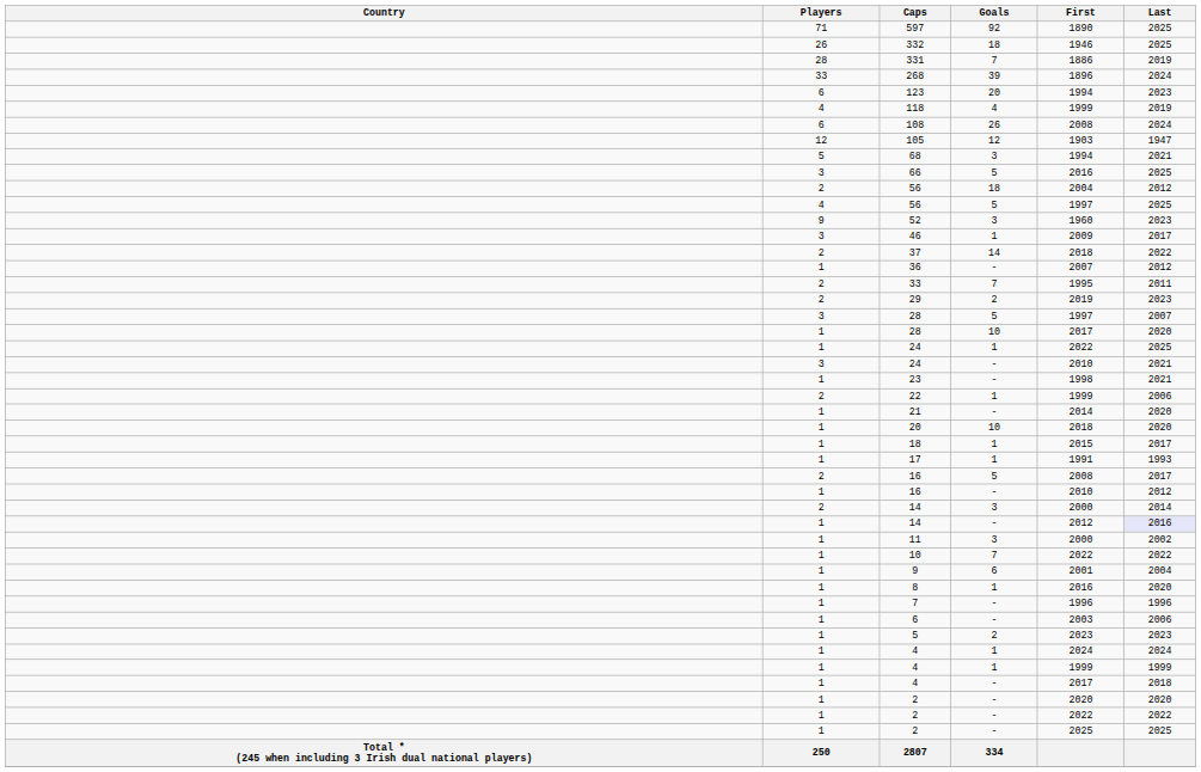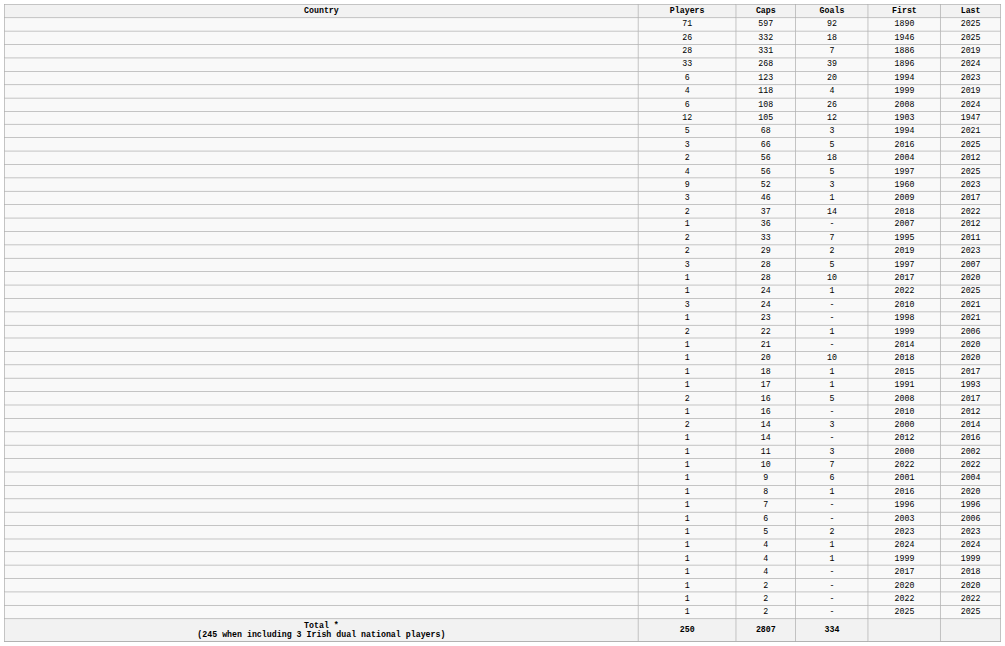 <table class="wikitable sortable" style="width: 75%; center; font-size: 95%;">
 <tr>
 <th>Country</th>
 <th>Players</th>
 <th>Caps</th>
 <th>Goals</th>
 <th>First</th>
 <th>Last</th>
 </tr>
 <tr>
 <td></td>
 <td style="text-align:center;">71</td>
 <td style="text-align:center;">597</td>
 <td style="text-align:center;">92</td>
 <td style="text-align:center;">1890</td>
 <td style="text-align:center;">2025</td>
 </tr>
 <tr>
 <td></td>
 <td style="text-align:center;">26</td>
 <td style="text-align:center;">332</td>
 <td style="text-align:center;">18</td>
 <td style="text-align:center;">1946</td>
 <td style="text-align:center;">2025</td>
 </tr>
 <tr>
 <td></td>
 <td style="text-align:center;">28</td>
 <td style="text-align:center;">331</td>
 <td style="text-align:center;">7</td>
 <td style="text-align:center;">1886</td>
 <td style="text-align:center;">2019</td>
 </tr>
 <tr>
 <td></td>
 <td style="text-align:center;">33</td>
 <td style="text-align:center;">268</td>
 <td style="text-align:center;">39</td>
 <td style="text-align:center;">1896</td>
 <td style="text-align:center;">2024</td>
 </tr>
 <tr>
 <td></td>
 <td style="text-align:center;">6</td>
 <td style="text-align:center;">123</td>
 <td style="text-align:center;">20</td>
 <td style="text-align:center;">1994</td>
 <td style="text-align:center;">2023</td>
 </tr>
 <tr>
 <td></td>
 <td style="text-align:center;">4</td>
 <td style="text-align:center;">118</td>
 <td style="text-align:center;">4</td>
 <td style="text-align:center;">1999</td>
 <td style="text-align:center;">2019</td>
 </tr>
 <tr>
 <td></td>
 <td style="text-align:center;">6</td>
 <td style="text-align:center;">108</td>
 <td style="text-align:center;">26</td>
 <td style="text-align:center;">2008</td>
 <td style="text-align:center;">2024</td>
 </tr>
 <tr>
 <td></td>
 <td style="text-align:center;">12</td>
 <td style="text-align:center;">105</td>
 <td style="text-align:center;">12</td>
 <td style="text-align:center;">1903</td>
 <td style="text-align:center;">1947</td>
 </tr>
 <tr>
 <td></td>
 <td style="text-align:center;">5</td>
 <td style="text-align:center;">68</td>
 <td style="text-align:center;">3</td>
 <td style="text-align:center;">1994</td>
 <td style="text-align:center;">2021</td>
 </tr>
 <tr>
 <td></td>
 <td style="text-align:center;">3</td>
 <td style="text-align:center;">66</td>
 <td style="text-align:center;">5</td>
 <td style="text-align:center;">2016</td>
 <td style="text-align:center;">2025</td>
 </tr>
 <tr>
 <td></td>
 <td style="text-align:center;">2</td>
 <td style="text-align:center;">56</td>
 <td style="text-align:center;">18</td>
 <td style="text-align:center;">2004</td>
 <td style="text-align:center;">2012</td>
 </tr>
 <tr>
 <td></td>
 <td style="text-align:center;">4</td>
 <td style="text-align:center;">56</td>
 <td style="text-align:center;">5</td>
 <td style="text-align:center;">1997</td>
 <td style="text-align:center;">2025</td>
 </tr>
 <tr>
 <td></td>
 <td style="text-align:center;">9</td>
 <td style="text-align:center;">52</td>
 <td style="text-align:center;">3</td>
 <td style="text-align:center;">1960</td>
 <td style="text-align:center;">2023</td>
 </tr>
 <tr>
 <td></td>
 <td style="text-align:center;">3</td>
 <td style="text-align:center;">46</td>
 <td style="text-align:center;">1</td>
 <td style="text-align:center;">2009</td>
 <td style="text-align:center;">2017</td>
 </tr>
 <tr>
 <td></td>
 <td style="text-align:center;">2</td>
 <td style="text-align:center;">37</td>
 <td style="text-align:center;">14</td>
 <td style="text-align:center;">2018</td>
 <td style="text-align:center;">2022</td>
 </tr>
 <tr>
 <td></td>
 <td style="text-align:center;">1</td>
 <td style="text-align:center;">36</td>
 <td style="text-align:center;">-</td>
 <td style="text-align:center;">2007</td>
 <td style="text-align:center;">2012</td>
 </tr>
 <tr>
 <td></td>
 <td style="text-align:center;">2</td>
 <td style="text-align:center;">33</td>
 <td style="text-align:center;">7</td>
 <td style="text-align:center;">1995</td>
 <td style="text-align:center;">2011</td>
 </tr>
 <tr>
 <td></td>
 <td style="text-align:center;">2</td>
 <td style="text-align:center;">29</td>
 <td style="text-align:center;">2</td>
 <td style="text-align:center;">2019</td>
 <td style="text-align:center;">2023</td>
 </tr>
 <tr>
 <td></td>
 <td style="text-align:center;">3</td>
 <td style="text-align:center;">28</td>
 <td style="text-align:center;">5</td>
 <td style="text-align:center;">1997</td>
 <td style="text-align:center;">2007</td>
 </tr>
 <tr>
 <td></td>
 <td style="text-align:center;">1</td>
 <td style="text-align:center;">28</td>
 <td style="text-align:center;">10</td>
 <td style="text-align:center;">2017</td>
 <td style="text-align:center;">2020</td>
 </tr>
 <tr>
 <td></td>
 <td style="text-align:center;">1</td>
 <td style="text-align:center;">24</td>
 <td style="text-align:center;">1</td>
 <td style="text-align:center;">2022</td>
 <td style="text-align:center;">2025</td>
 </tr>
 <tr>
 <td></td>
 <td style="text-align:center;">3</td>
 <td style="text-align:center;">24</td>
 <td style="text-align:center;">-</td>
 <td style="text-align:center;">2010</td>
 <td style="text-align:center;">2021</td>
 </tr>
 <tr>
 <td></td>
 <td style="text-align:center;">1</td>
 <td style="text-align:center;">23</td>
 <td style="text-align:center;">-</td>
 <td style="text-align:center;">1998</td>
 <td style="text-align:center;">2021</td>
 </tr>
 <tr>
 <td></td>
 <td style="text-align:center;">2</td>
 <td style="text-align:center;">22</td>
 <td style="text-align:center;">1</td>
 <td style="text-align:center;">1999</td>
 <td style="text-align:center;">2006</td>
 </tr>
 <tr>
 <td></td>
 <td style="text-align:center;">1</td>
 <td style="text-align:center;">21</td>
 <td style="text-align:center;">-</td>
 <td style="text-align:center;">2014</td>
 <td style="text-align:center;">2020</td>
 </tr>
 <tr>
 <td></td>
 <td style="text-align:center;">1</td>
 <td style="text-align:center;">20</td>
 <td style="text-align:center;">10</td>
 <td style="text-align:center;">2018</td>
 <td style="text-align:center;">2020</td>
 </tr>
 <tr>
 <td></td>
 <td style="text-align:center;">1</td>
 <td style="text-align:center;">18</td>
 <td style="text-align:center;">1</td>
 <td style="text-align:center;">2015</td>
 <td style="text-align:center;">2017</td>
 </tr>
 <tr>
 <td></td>
 <td style="text-align:center;">1</td>
 <td style="text-align:center;">17</td>
 <td style="text-align:center;">1</td>
 <td style="text-align:center;">1991</td>
 <td style="text-align:center;">1993</td>
 </tr>
 <tr>
 <td></td>
 <td style="text-align:center;">2</td>
 <td style="text-align:center;">16</td>
 <td style="text-align:center;">5</td>
 <td style="text-align:center;">2008</td>
 <td style="text-align:center;">2017</td>
 </tr>
 <tr>
 <td></td>
 <td style="text-align:center;">1</td>
 <td style="text-align:center;">16</td>
 <td style="text-align:center;">-</td>
 <td style="text-align:center;">2010</td>
 <td style="text-align:center;">2012</td>
 </tr>
 <tr>
 <td></td>
 <td style="text-align:center;">2</td>
 <td style="text-align:center;">14</td>
 <td style="text-align:center;">3</td>
 <td style="text-align:center;">2000</td>
 <td style="text-align:center;">2014</td>
 </tr>
 <tr>
 <td></td>
 <td style="text-align:center;">1</td>
 <td style="text-align:center;">14</td>
 <td style="text-align:center;">-</td>
 <td style="text-align:center;">2012</td>
-<td style="background: lavender; text-align:center;">2016</td>
+<td style="text-align:center;">2016</td>
 </tr>
 <tr>
 <td></td>
 <td style="text-align:center;">1</td>
 <td style="text-align:center;">11</td>
 <td style="text-align:center;">3</td>
 <td style="text-align:center;">2000</td>
 <td style="text-align:center;">2002</td>
 </tr>
 <tr>
 <td></td>
 <td style="text-align:center;">1</td>
 <td style="text-align:center;">10</td>
 <td style="text-align:center;">7</td>
 <td style="text-align:center;">2022</td>
 <td style="text-align:center;">2022</td>
 </tr>
 <tr>
 <td></td>
 <td style="text-align:center;">1</td>
 <td style="text-align:center;">9</td>
 <td style="text-align:center;">6</td>
 <td style="text-align:center;">2001</td>
 <td style="text-align:center;">2004</td>
 </tr>
 <tr>
 <td></td>
 <td style="text-align:center;">1</td>
 <td style="text-align:center;">8</td>
 <td style="text-align:center;">1</td>
 <td style="text-align:center;">2016</td>
 <td style="text-align:center;">2020</td>
 </tr>
 <tr>
 <td></td>
 <td style="text-align:center;">1</td>
 <td style="text-align:center;">7</td>
 <td style="text-align:center;">-</td>
 <td style="text-align:center;">1996</td>
 <td style="text-align:center;">1996</td>
 </tr>
 <tr>
 <td></td>
 <td style="text-align:center;">1</td>
 <td style="text-align:center;">6</td>
 <td style="text-align:center;">-</td>
 <td style="text-align:center;">2003</td>
 <td style="text-align:center;">2006</td>
 </tr>
 <tr>
 <td></td>
 <td style="text-align:center;">1</td>
 <td style="text-align:center;">5</td>
 <td style="text-align:center;">2</td>
 <td style="text-align:center;">2023</td>
 <td style="text-align:center;">2023</td>
 </tr>
 <tr>
 <td></td>
 <td style="text-align:center;">1</td>
 <td style="text-align:center;">4</td>
 <td style="text-align:center;">1</td>
 <td style="text-align:center;">2024</td>
 <td style="text-align:center;">2024</td>
 </tr>
 <tr>
 <td></td>
 <td style="text-align:center;">1</td>
 <td style="text-align:center;">4</td>
 <td style="text-align:center;">1</td>
 <td style="text-align:center;">1999</td>
 <td style="text-align:center;">1999</td>
 </tr>
 <tr>
 <td></td>
 <td style="text-align:center;">1</td>
 <td style="text-align:center;">4</td>
 <td style="text-align:center;">-</td>
 <td style="text-align:center;">2017</td>
 <td style="text-align:center;">2018</td>
 </tr>
 <tr>
 <td></td>
 <td style="text-align:center;">1</td>
 <td style="text-align:center;">2</td>
 <td style="text-align:center;">-</td>
 <td style="text-align:center;">2020</td>
 <td style="text-align:center;">2020</td>
 </tr>
 <tr>
 <td></td>
 <td style="text-align:center;">1</td>
 <td style="text-align:center;">2</td>
 <td style="text-align:center;">-</td>
 <td style="text-align:center;">2022</td>
 <td style="text-align:center;">2022</td>
 </tr>
 <tr>
 <td></td>
 <td style="text-align:center;">1</td>
 <td style="text-align:center;">2</td>
 <td style="text-align:center;">-</td>
 <td style="text-align:center;">2025</td>
 <td style="text-align:center;">2025</td>
 </tr>
 <tr>
 <th>Total *<br> (245 when including 3 Irish dual national players)</th>
 <th>250</th>
 <th>2807</th>
 <th>334</th>
 <th></th>
 <th></th>
 </tr>
 <tr>
 </tr>
 </table>
